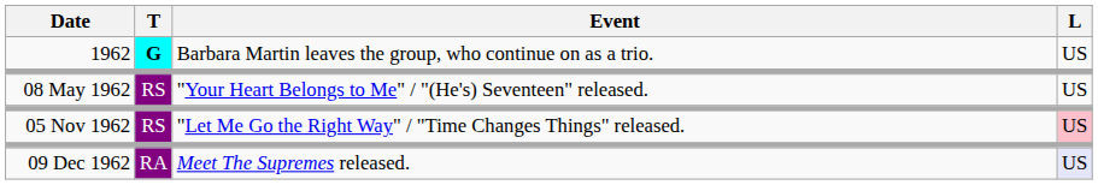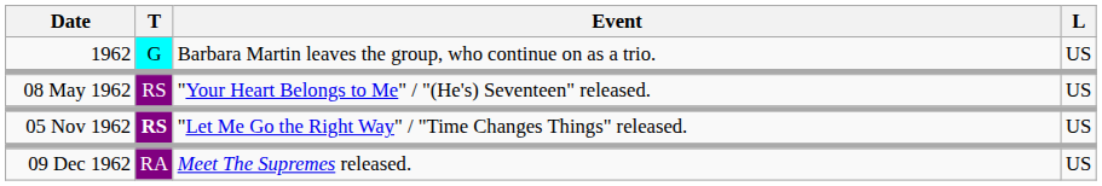 <table class="wikitable" style="text-align: center">
 <tr>
 <th style="width:12ch">Date</th>
 <th style="width:1%">T</th>
 <th>Event</th>
 <th style="width:2%">L</th>
 </tr>
 <tr>
 <td style="text-align: right">1962</td>
-<td style="background:aqua"><strong>G</strong></td>
+<td style="background:aqua">G</td>
 <td style="text-align:left;">Barbara Martin leaves the group, who continue on as a trio.</td>
 <td>US</td>
 </tr>
 <tr>
 <td colspan="6" style="background: #aaa; height: 3px; padding: 0 !important"></td>
 </tr>
 <tr>
 <td style="text-align: right">08 May 1962</td>
 <td style="background:purple; color: white">RS</td>
 <td style="text-align:left;">"<a href='#'>Your Heart Belongs to Me</a>" / "(He's) Seventeen" released.</td>
 <td>US</td>
 </tr>
 <tr>
 <td colspan="6" style="background: #aaa; height: 3px; padding: 0 !important"></td>
 </tr>
 <tr>
 <td style="text-align: right">05 Nov 1962</td>
-<td style="background:purple; color: white">RS</td>
+<td style="background:purple; color: white"><strong>RS</strong></td>
 <td style="text-align:left;">"<a href='#'>Let Me Go the Right Way</a>" / "Time Changes Things" released.</td>
-<td style="background: pink;">US</td>
+<td>US</td>
 </tr>
 <tr>
 <td colspan="6" style="background: #aaa; height: 3px; padding: 0 !important"></td>
 </tr>
 <tr>
 <td style="text-align: right">09 Dec 1962</td>
 <td style="background:purple; color: white">RA</td>
 <td style="text-align:left;"><em><a href='#'>Meet The Supremes</a></em> released.</td>
-<td style="background: lavender;">US</td>
+<td>US</td>
 </tr>
 </table>
